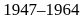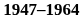 <table 1px solid #8888aa; background-color:#f7f8ff; padding:5px; font-size:95%; margin: 0px 12px 12px 0px;">
 <tr bgcolor="#CCCCCC">
 </tr>
 <tr align="center">
 <td></td>
 </tr>
 <tr align="center">
-<td>1947–1964</td>
+<td><strong>1947–1964</strong></td>
 </tr>
 <tr>
 <td colspan = 8></td>
 </tr>
 </table>
